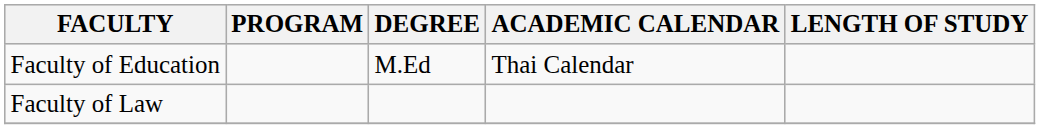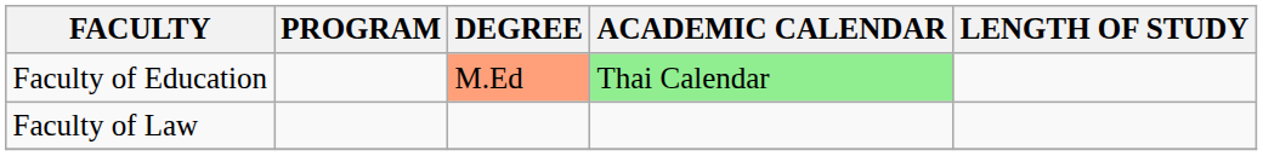 <table class="wikitable">
 <tr>
 <th>FACULTY</th>
 <th>PROGRAM</th>
 <th>DEGREE</th>
 <th>ACADEMIC CALENDAR</th>
 <th>LENGTH OF STUDY</th>
 </tr>
 <tr>
 <td>Faculty of  Education</td>
 <td></td>
-<td>M.Ed</td>
-<td>Thai Calendar</td>
+<td style="background: lightsalmon;">M.Ed</td>
+<td style="background: lightgreen;">Thai Calendar</td>
 </tr>
 <tr>
 <td>Faculty of Law</td>
 <td></td>
 <td></td>
 <td></td>
 <td></td>
 </tr>
 <tr>
 </tr>
 </table>
